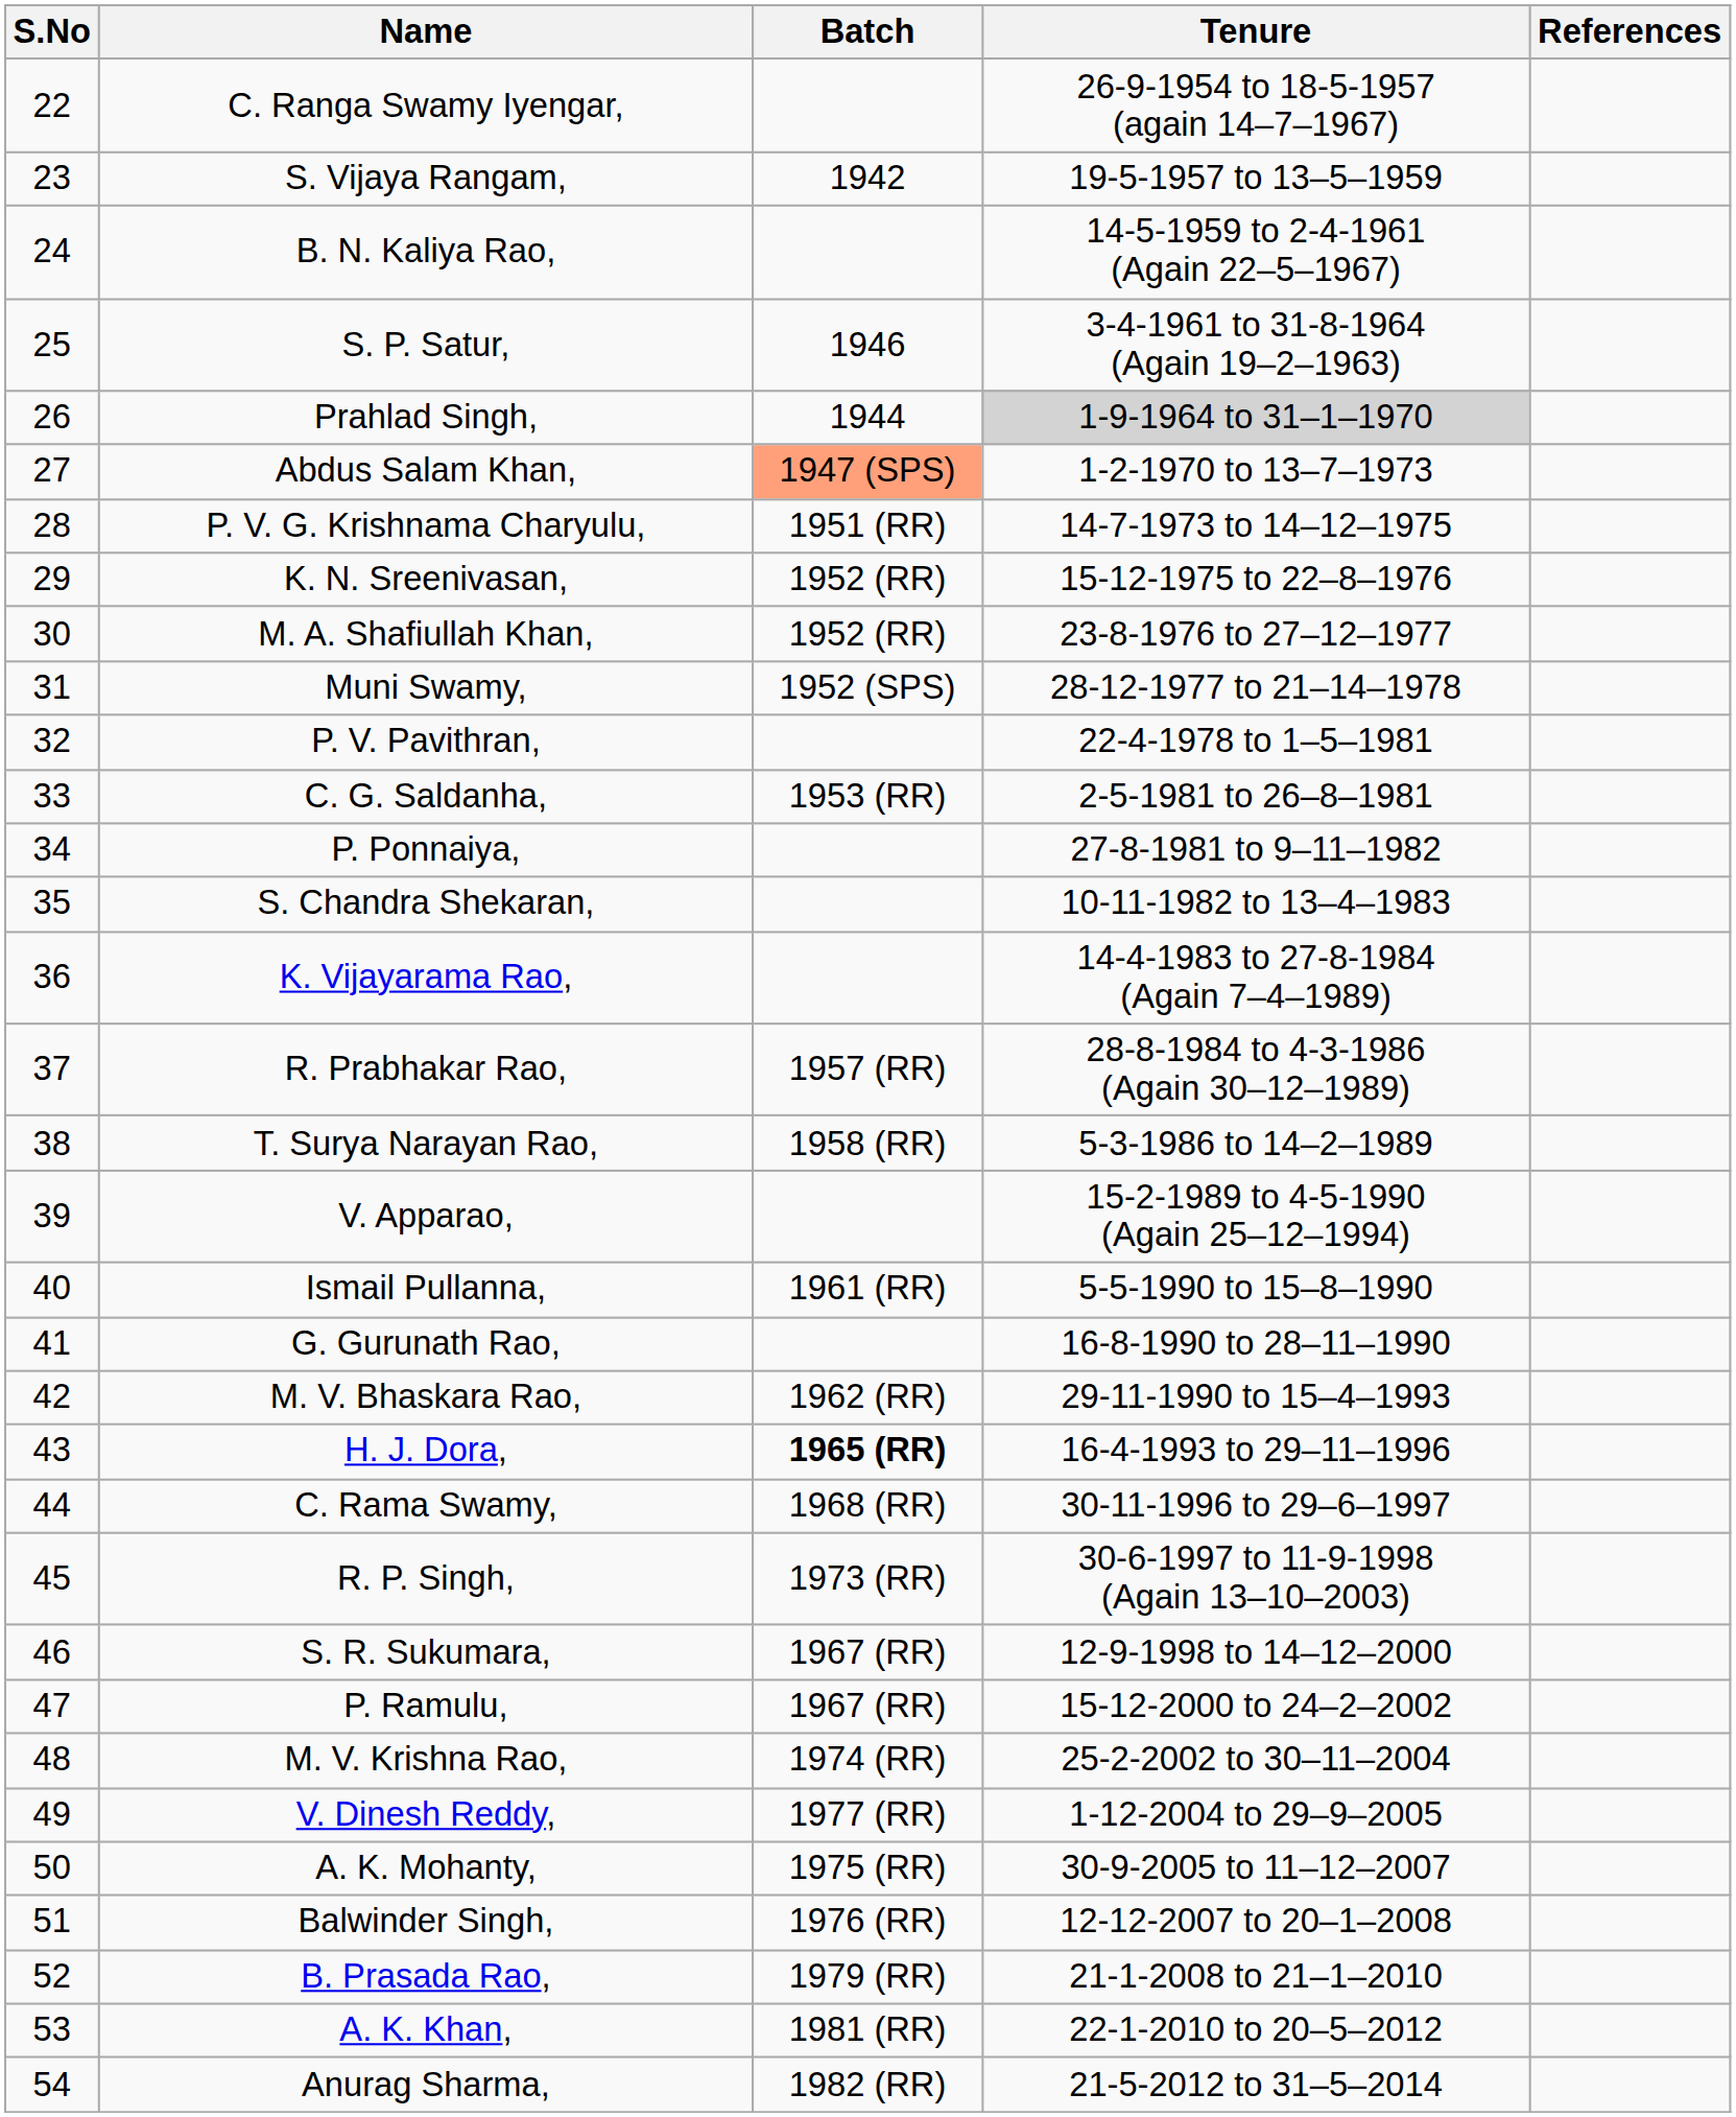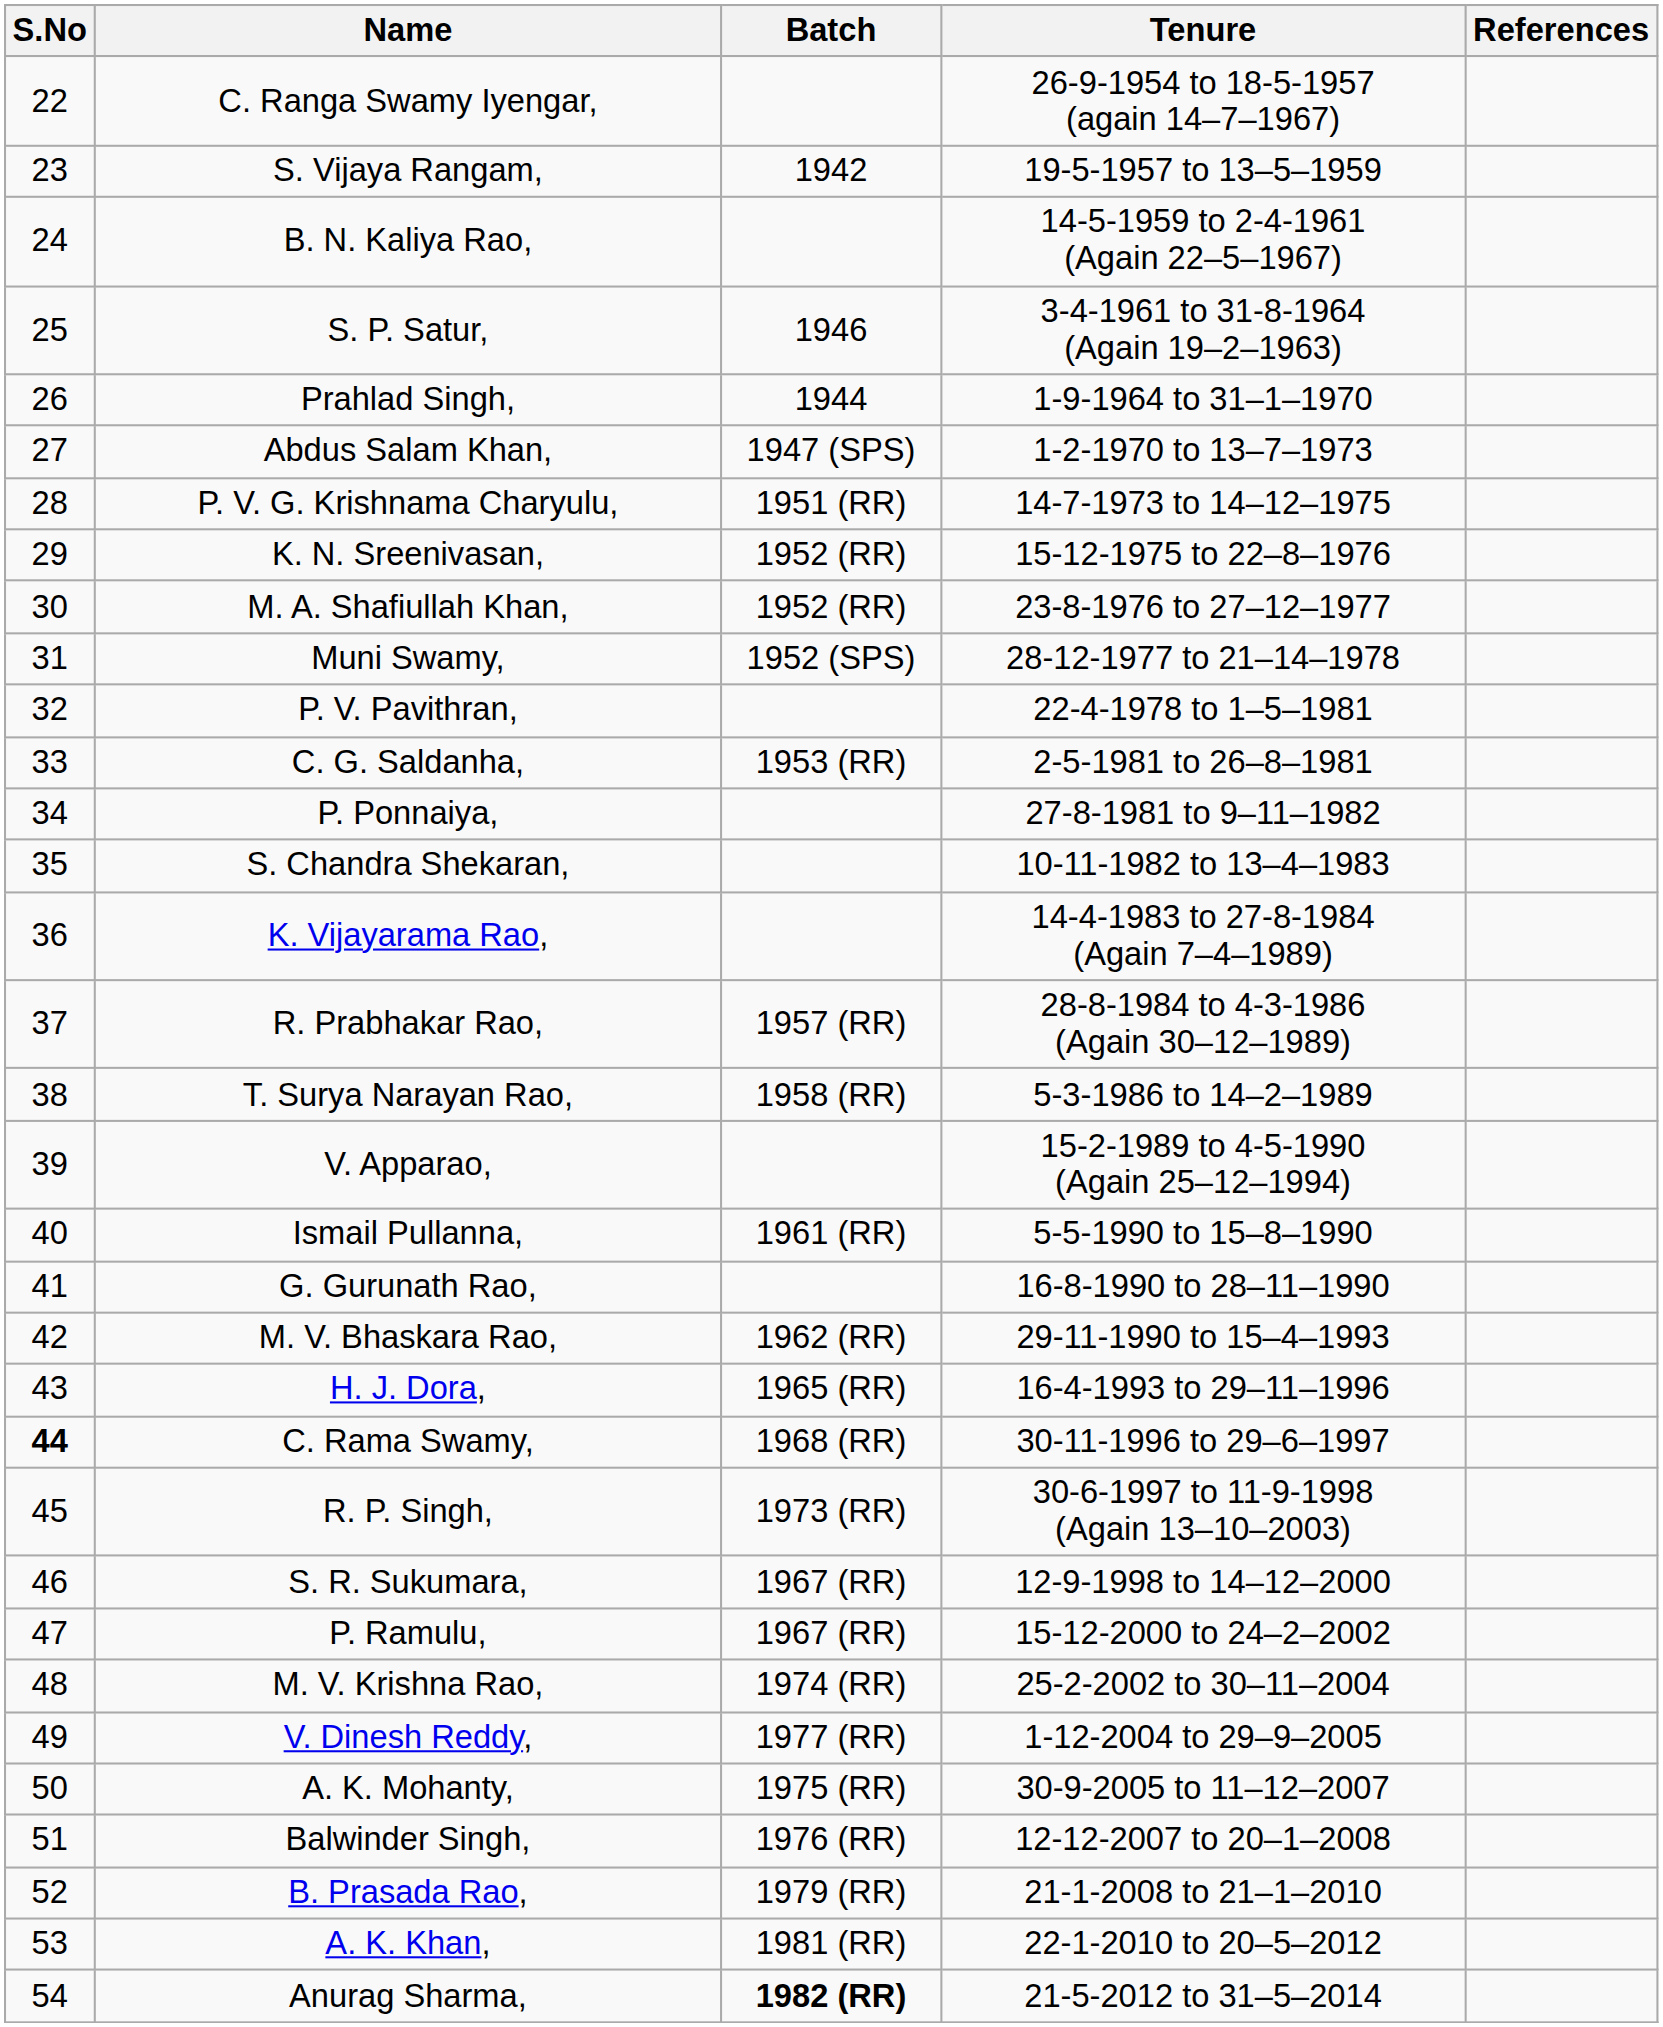 <table class="wikitable sortable" style="text-align:center">
 <tr style="background:#cccccc">
 <th scope="col" style="width: 20px;">S.No</th>
 <th scope="col" style="width: 300px;">Name</th>
 <th scope="col" style="width: 100px;">Batch</th>
 <th scope="col" style="width: 250px;">Tenure</th>
 <th scope="col" style="width: 50px;">References</th>
 </tr>
 <tr>
 <td>22</td>
 <td>C. Ranga Swamy Iyengar,</td>
 <td></td>
 <td>26-9-1954 to 18-5-1957<br>(again 14–7–1967)</td>
 <td></td>
 </tr>
 <tr>
 <td>23</td>
 <td>S. Vijaya Rangam,</td>
 <td>1942</td>
 <td>19-5-1957 to 13–5–1959</td>
 <td></td>
 </tr>
 <tr>
 <td>24</td>
 <td>B. N. Kaliya Rao,</td>
 <td></td>
 <td>14-5-1959 to 2-4-1961<br>(Again 22–5–1967)</td>
 <td></td>
 </tr>
 <tr>
 <td>25</td>
 <td>S. P. Satur,</td>
 <td>1946</td>
 <td>3-4-1961 to  31-8-1964<br>(Again 19–2–1963)</td>
 <td></td>
 </tr>
 <tr>
 <td>26</td>
 <td>Prahlad Singh,</td>
 <td>1944</td>
-<td style="background: lightgrey;">1-9-1964 to 31–1–1970</td>
+<td>1-9-1964 to 31–1–1970</td>
 <td></td>
 </tr>
 <tr>
 <td>27</td>
 <td>Abdus Salam Khan,</td>
-<td style="background: lightsalmon;">1947 (SPS)</td>
+<td>1947 (SPS)</td>
 <td>1-2-1970 to 13–7–1973</td>
 <td></td>
 </tr>
 <tr>
 <td>28</td>
 <td>P. V. G. Krishnama Charyulu,</td>
 <td>1951 (RR)</td>
 <td>14-7-1973 to 14–12–1975</td>
 <td></td>
 </tr>
 <tr>
 <td>29</td>
 <td>K. N. Sreenivasan,</td>
 <td>1952 (RR)</td>
 <td>15-12-1975 to 22–8–1976</td>
 <td></td>
 </tr>
 <tr>
 <td>30</td>
 <td>M. A. Shafiullah Khan,</td>
 <td>1952 (RR)</td>
 <td>23-8-1976 to 27–12–1977</td>
 <td></td>
 </tr>
 <tr>
 <td>31</td>
 <td>Muni Swamy,</td>
 <td>1952 (SPS)</td>
 <td>28-12-1977 to 21–14–1978</td>
 <td></td>
 </tr>
 <tr>
 <td>32</td>
 <td>P. V. Pavithran,</td>
 <td></td>
 <td>22-4-1978 to 1–5–1981</td>
 <td></td>
 </tr>
 <tr>
 <td>33</td>
 <td>C. G. Saldanha,</td>
 <td>1953 (RR)</td>
 <td>2-5-1981 to 26–8–1981</td>
 <td></td>
 </tr>
 <tr>
 <td>34</td>
 <td>P. Ponnaiya,</td>
 <td></td>
 <td>27-8-1981 to 9–11–1982</td>
 <td></td>
 </tr>
 <tr>
 <td>35</td>
 <td>S. Chandra Shekaran,</td>
 <td></td>
 <td>10-11-1982 to 13–4–1983</td>
 <td></td>
 </tr>
 <tr>
 <td>36</td>
 <td><a href='#'>K. Vijayarama Rao</a>,</td>
 <td></td>
 <td>14-4-1983 to 27-8-1984<br>(Again 7–4–1989)</td>
 <td></td>
 </tr>
 <tr>
 <td>37</td>
 <td>R. Prabhakar Rao,</td>
 <td>1957 (RR)</td>
 <td>28-8-1984 to 4-3-1986<br>(Again 30–12–1989)</td>
 <td></td>
 </tr>
 <tr>
 <td>38</td>
 <td>T. Surya Narayan Rao,</td>
 <td>1958 (RR)</td>
 <td>5-3-1986 to 14–2–1989</td>
 <td></td>
 </tr>
 <tr>
 <td>39</td>
 <td>V. Apparao,</td>
 <td></td>
 <td>15-2-1989 to 4-5-1990<br>(Again 25–12–1994)</td>
 <td></td>
 </tr>
 <tr>
 <td>40</td>
 <td>Ismail Pullanna,</td>
 <td>1961 (RR)</td>
 <td>5-5-1990 to 15–8–1990</td>
 <td></td>
 </tr>
 <tr>
 <td>41</td>
 <td>G. Gurunath Rao,</td>
 <td></td>
 <td>16-8-1990 to 28–11–1990</td>
 <td></td>
 </tr>
 <tr>
 <td>42</td>
 <td>M. V. Bhaskara Rao,</td>
 <td>1962 (RR)</td>
 <td>29-11-1990 to 15–4–1993</td>
 <td></td>
 </tr>
 <tr>
 <td>43</td>
 <td><a href='#'>H. J. Dora</a>,</td>
-<td><strong>1965 (RR)</strong></td>
+<td>1965 (RR)</td>
 <td>16-4-1993 to 29–11–1996</td>
 <td></td>
 </tr>
 <tr>
-<td>44</td>
+<td><strong>44</strong></td>
 <td>C. Rama Swamy,</td>
 <td>1968 (RR)</td>
 <td>30-11-1996 to 29–6–1997</td>
 <td></td>
 </tr>
 <tr>
 <td>45</td>
 <td>R. P. Singh,</td>
 <td>1973 (RR)</td>
 <td>30-6-1997 to 11-9-1998<br>(Again 13–10–2003)</td>
 <td></td>
 </tr>
 <tr>
 <td>46</td>
 <td>S. R. Sukumara,</td>
 <td>1967 (RR)</td>
 <td>12-9-1998 to 14–12–2000</td>
 <td></td>
 </tr>
 <tr>
 <td>47</td>
 <td>P. Ramulu,</td>
 <td>1967 (RR)</td>
 <td>15-12-2000 to 24–2–2002</td>
 <td></td>
 </tr>
 <tr>
 <td>48</td>
 <td>M. V. Krishna Rao,</td>
 <td>1974 (RR)</td>
 <td>25-2-2002 to 30–11–2004</td>
 <td></td>
 </tr>
 <tr>
 <td>49</td>
 <td><a href='#'>V. Dinesh Reddy</a>,</td>
 <td>1977 (RR)</td>
 <td>1-12-2004 to 29–9–2005</td>
 <td></td>
 </tr>
 <tr>
 <td>50</td>
 <td>A. K. Mohanty,</td>
 <td>1975 (RR)</td>
 <td>30-9-2005 to 11–12–2007</td>
 <td></td>
 </tr>
 <tr>
 <td>51</td>
 <td>Balwinder Singh,</td>
 <td>1976 (RR)</td>
 <td>12-12-2007 to 20–1–2008</td>
 <td></td>
 </tr>
 <tr>
 <td>52</td>
 <td><a href='#'>B. Prasada Rao</a>,</td>
 <td>1979 (RR)</td>
 <td>21-1-2008 to 21–1–2010</td>
 <td></td>
 </tr>
 <tr>
 <td>53</td>
 <td><a href='#'>A. K. Khan</a>,</td>
 <td>1981 (RR)</td>
 <td>22-1-2010 to 20–5–2012</td>
 <td></td>
 </tr>
 <tr>
 <td>54</td>
 <td>Anurag Sharma,</td>
-<td>1982 (RR)</td>
+<td><strong>1982 (RR)</strong></td>
 <td>21-5-2012 to 31–5–2014</td>
 <td></td>
 </tr>
 <tr>
 </tr>
 </table>
